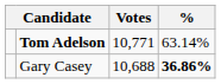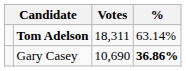 <table class="wikitable">
 <tr>
 <th colspan="2" rowspan="1" align="center" valign="top"><strong>Candidate</strong></th>
 <th valign="top"><strong>Votes</strong></th>
 <th valign="top"><strong>%</strong></th>
 </tr>
 <tr>
 <td style="background-color:"> </td>
 <td><strong>Tom Adelson</strong></td>
-<td>10,771</td>
+<td>18,311</td>
 <td>63.14%</td>
 </tr>
 <tr>
 <td style="background-color:"> </td>
 <td>Gary Casey</td>
-<td>10,688</td>
+<td>10,690</td>
 <td><strong>36.86%</strong></td>
 </tr>
 </table>
